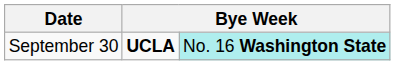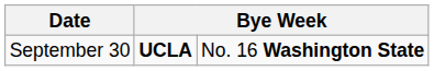 <table class="wikitable" style="font-size:95%;">
 <tr>
 <th>Date</th>
 <th colspan="2">Bye Week</th>
 </tr>
 <tr>
 <td>September 30</td>
 <td><strong>UCLA</strong></td>
-<td style="background: paleturquoise;">No. 16 <strong>Washington State</strong></td>
+<td>No. 16 <strong>Washington State</strong></td>
 </tr>
 </table>
